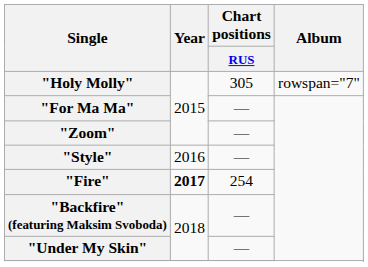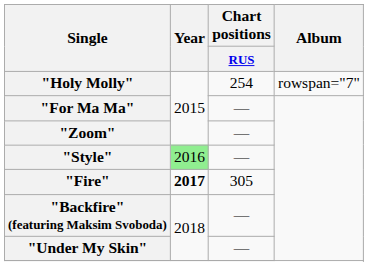 <table class="wikitable plainrowheaders" style="text-align: center;">
 <tr>
 <th rowspan="2">Single</th>
 <th rowspan="2">Year</th>
 <th colspan="1">Chart positions</th>
 <th rowspan="2">Album</th>
 </tr>
 <tr>
 <th style="width:30px;"><small><a href='#'>RUS</a></small><br></th>
 </tr>
 <tr>
 <th scope="row">"Holy Molly"</th>
 <td rowspan="3">2015</td>
-<td>305</td>
+<td>254</td>
 <td>rowspan="7" </td>
 </tr>
 <tr>
 <th scope="row">"For Ma Ma"</th>
 <td>—</td>
 </tr>
 <tr>
 <th scope="row">"Zoom"</th>
 <td>—</td>
 </tr>
 <tr>
 <th scope="row">"Style"</th>
-<td>2016</td>
+<td style="background: lightgreen;">2016</td>
 <td>—</td>
 </tr>
 <tr>
 <th scope="row">"Fire"</th>
 <td><strong>2017</strong></td>
-<td>254</td>
+<td>305</td>
 </tr>
 <tr>
 <th scope="row">"Backfire"<br><small>(featuring Мaksim Svoboda)</small></th>
 <td rowspan="2">2018</td>
 <td>—</td>
 </tr>
 <tr>
 <th scope="row">"Under My Skin"</th>
 <td>—</td>
 </tr>
 <tr>
 </tr>
 </table>
